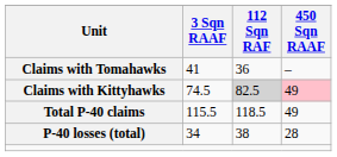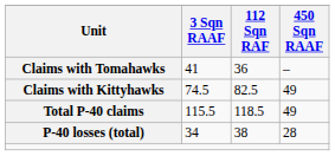 <table class="wikitable floatright">
 <tr>
 </tr>
 <tr>
 <th scope="col" style="width:200px;">Unit</th>
 <th scope="col" style="width:50px;"><a href='#'>3 Sqn RAAF</a></th>
 <th scope="col" style="width:50px;"><a href='#'>112 Sqn RAF</a></th>
 <th scope="col" style="width:50px;"><a href='#'>450 Sqn RAAF</a></th>
 </tr>
 <tr>
 <th scope="row">Claims with Tomahawks</th>
 <td>41</td>
 <td>36</td>
 <td>–</td>
 </tr>
 <tr>
 <th scope="row">Claims with Kittyhawks</th>
 <td>74.5</td>
-<td style="background: lightgrey;">82.5</td>
-<td style="background: pink;">49</td>
+<td>82.5</td>
+<td>49</td>
 </tr>
 <tr>
 <th scope="row">Total P-40 claims</th>
 <td>115.5</td>
 <td>118.5</td>
 <td>49</td>
 </tr>
 <tr>
 <th scope="row">P-40 losses (total)</th>
 <td>34</td>
 <td>38</td>
 <td>28</td>
 </tr>
 <tr>
 <td colspan="5"></td>
 </tr>
 </table>
